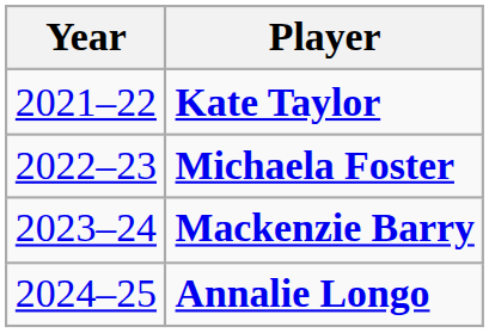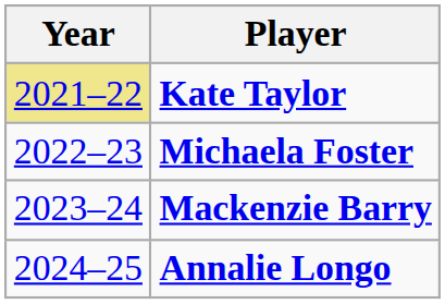 <table class="wikitable" border="1">
 <tr>
 <th>Year</th>
 <th>Player</th>
 </tr>
 <tr>
-<td><a href='#'>2021–22</a></td>
+<td style="background: khaki;"><a href='#'>2021–22</a></td>
 <td style="text-align:left;"> <strong><a href='#'>Kate Taylor</a></strong></td>
 </tr>
 <tr>
 <td><a href='#'>2022–23</a></td>
 <td style="text-align:left;"> <strong><a href='#'>Michaela Foster</a></strong></td>
 </tr>
 <tr>
 <td><a href='#'>2023–24</a></td>
 <td> <strong><a href='#'>Mackenzie Barry</a></strong></td>
 </tr>
 <tr>
 <td><a href='#'>2024–25</a></td>
 <td> <strong><a href='#'>Annalie Longo</a></strong></td>
 </tr>
 </table>
